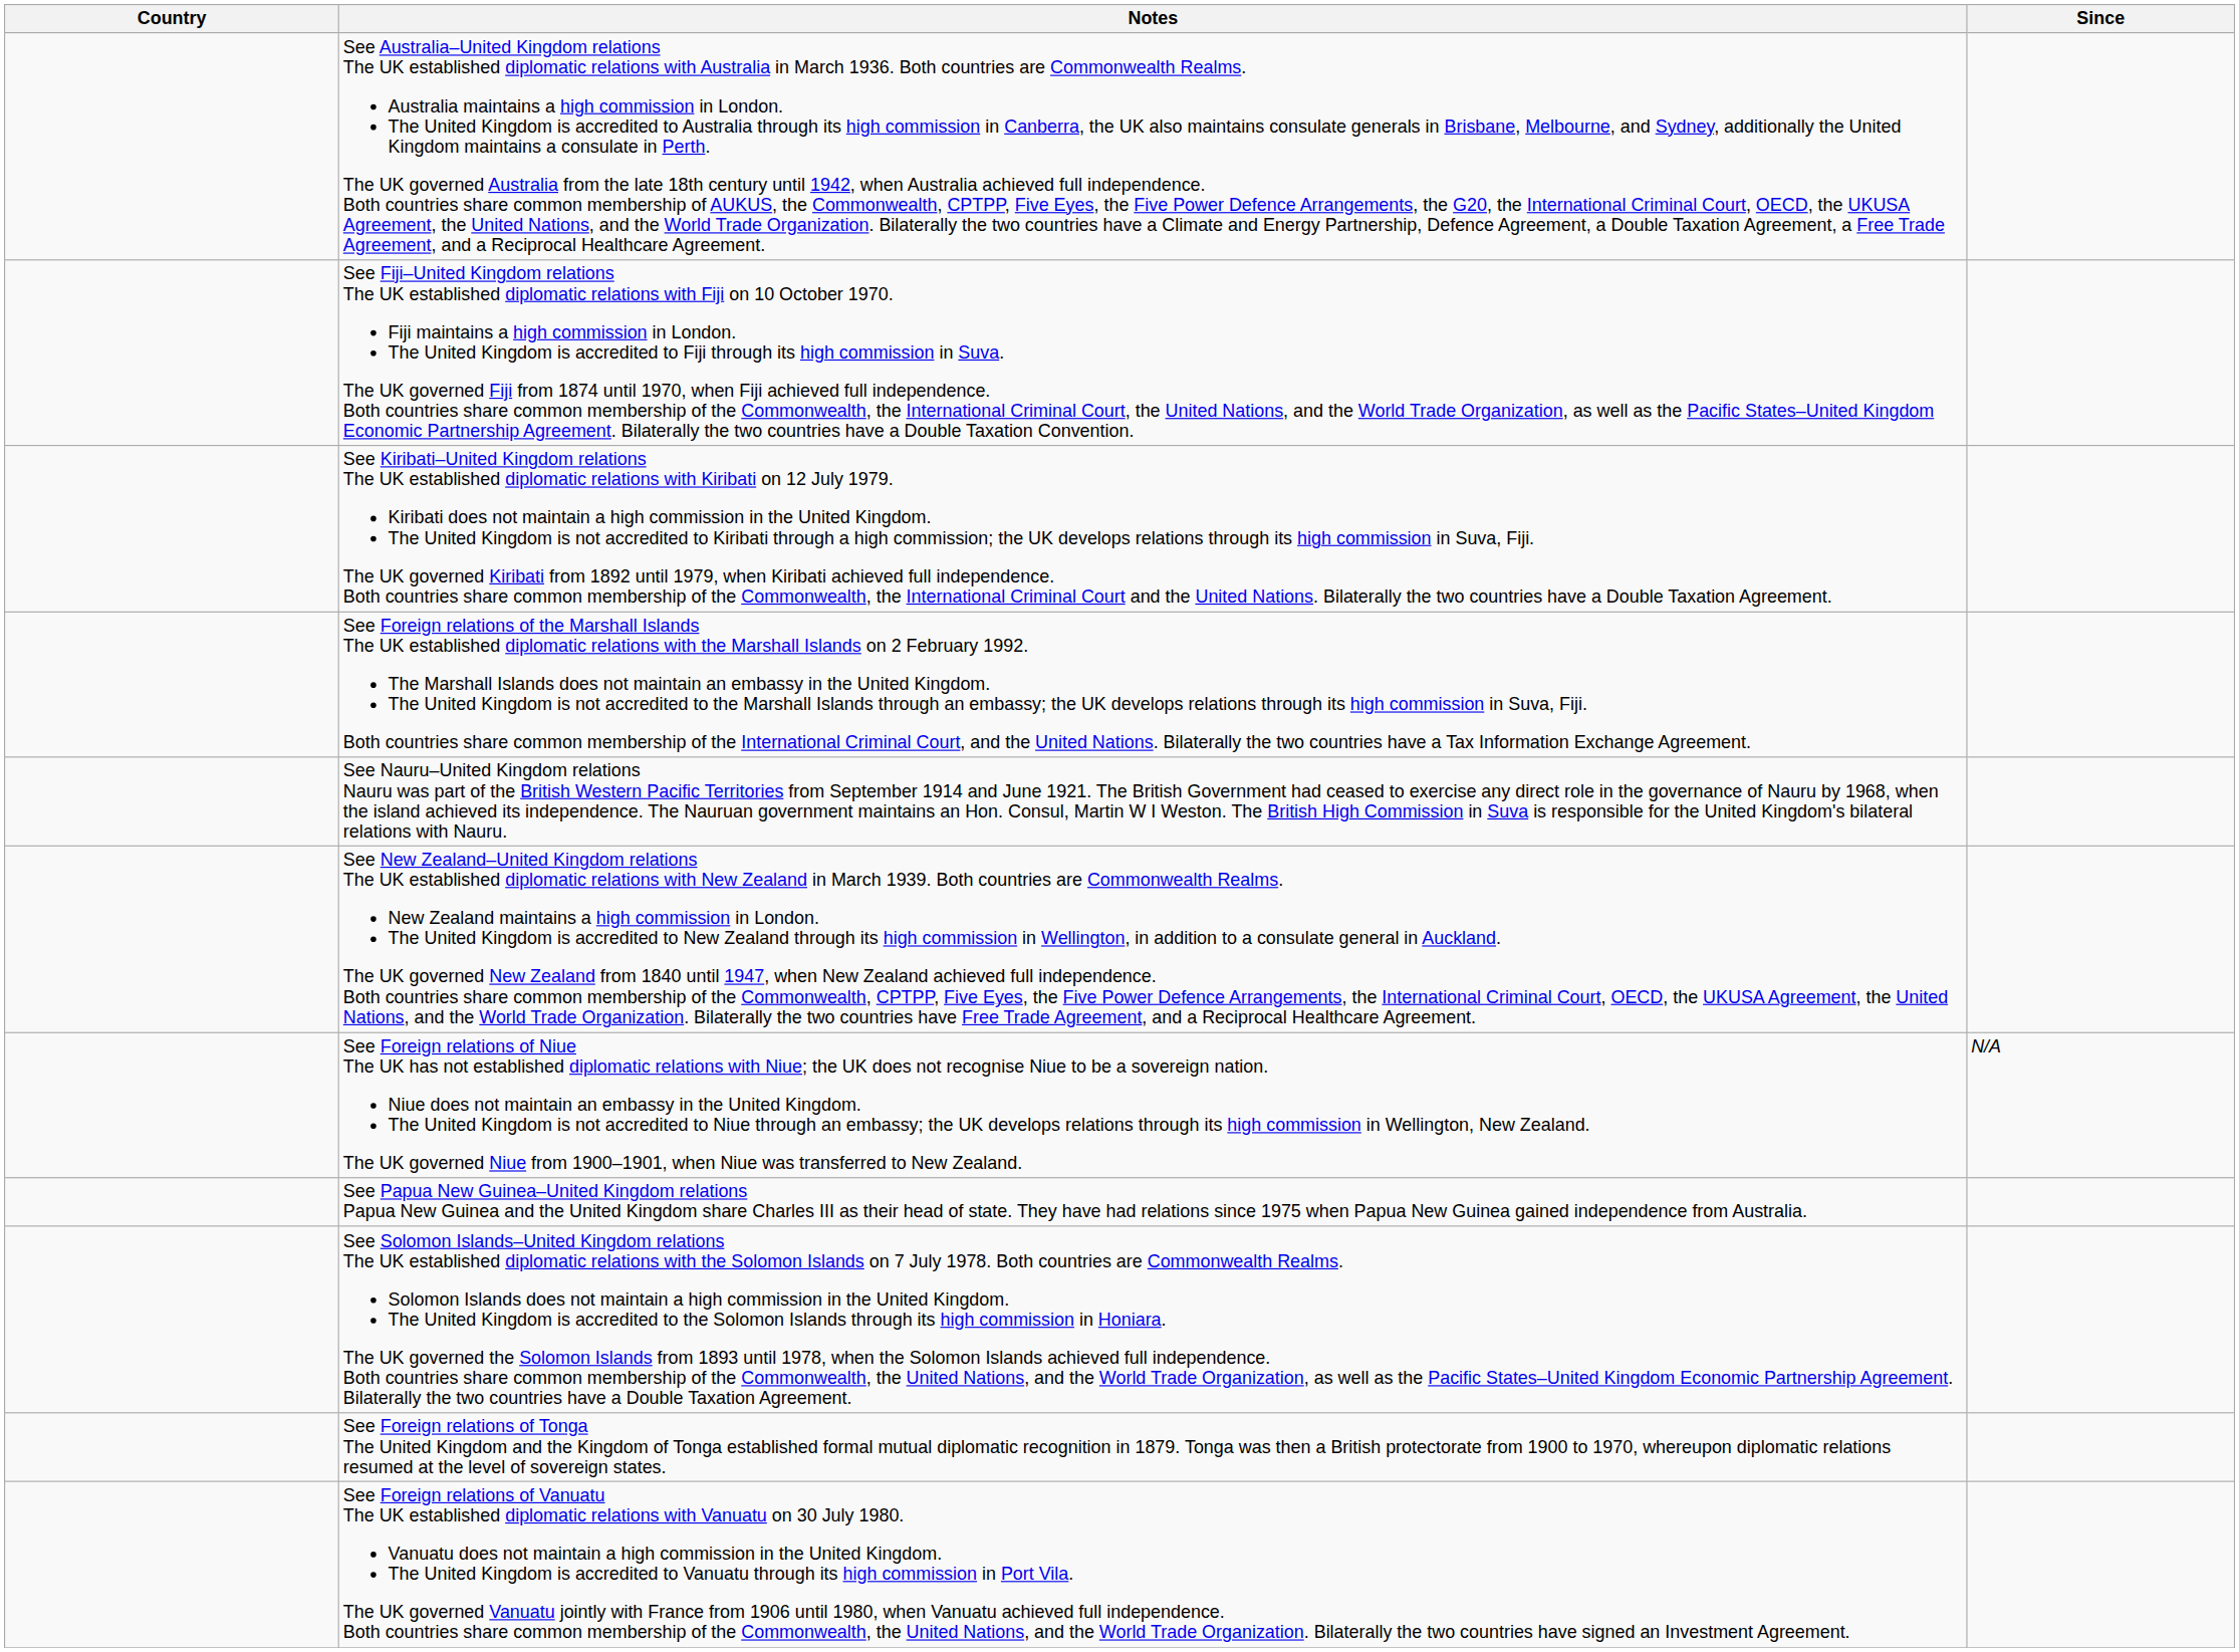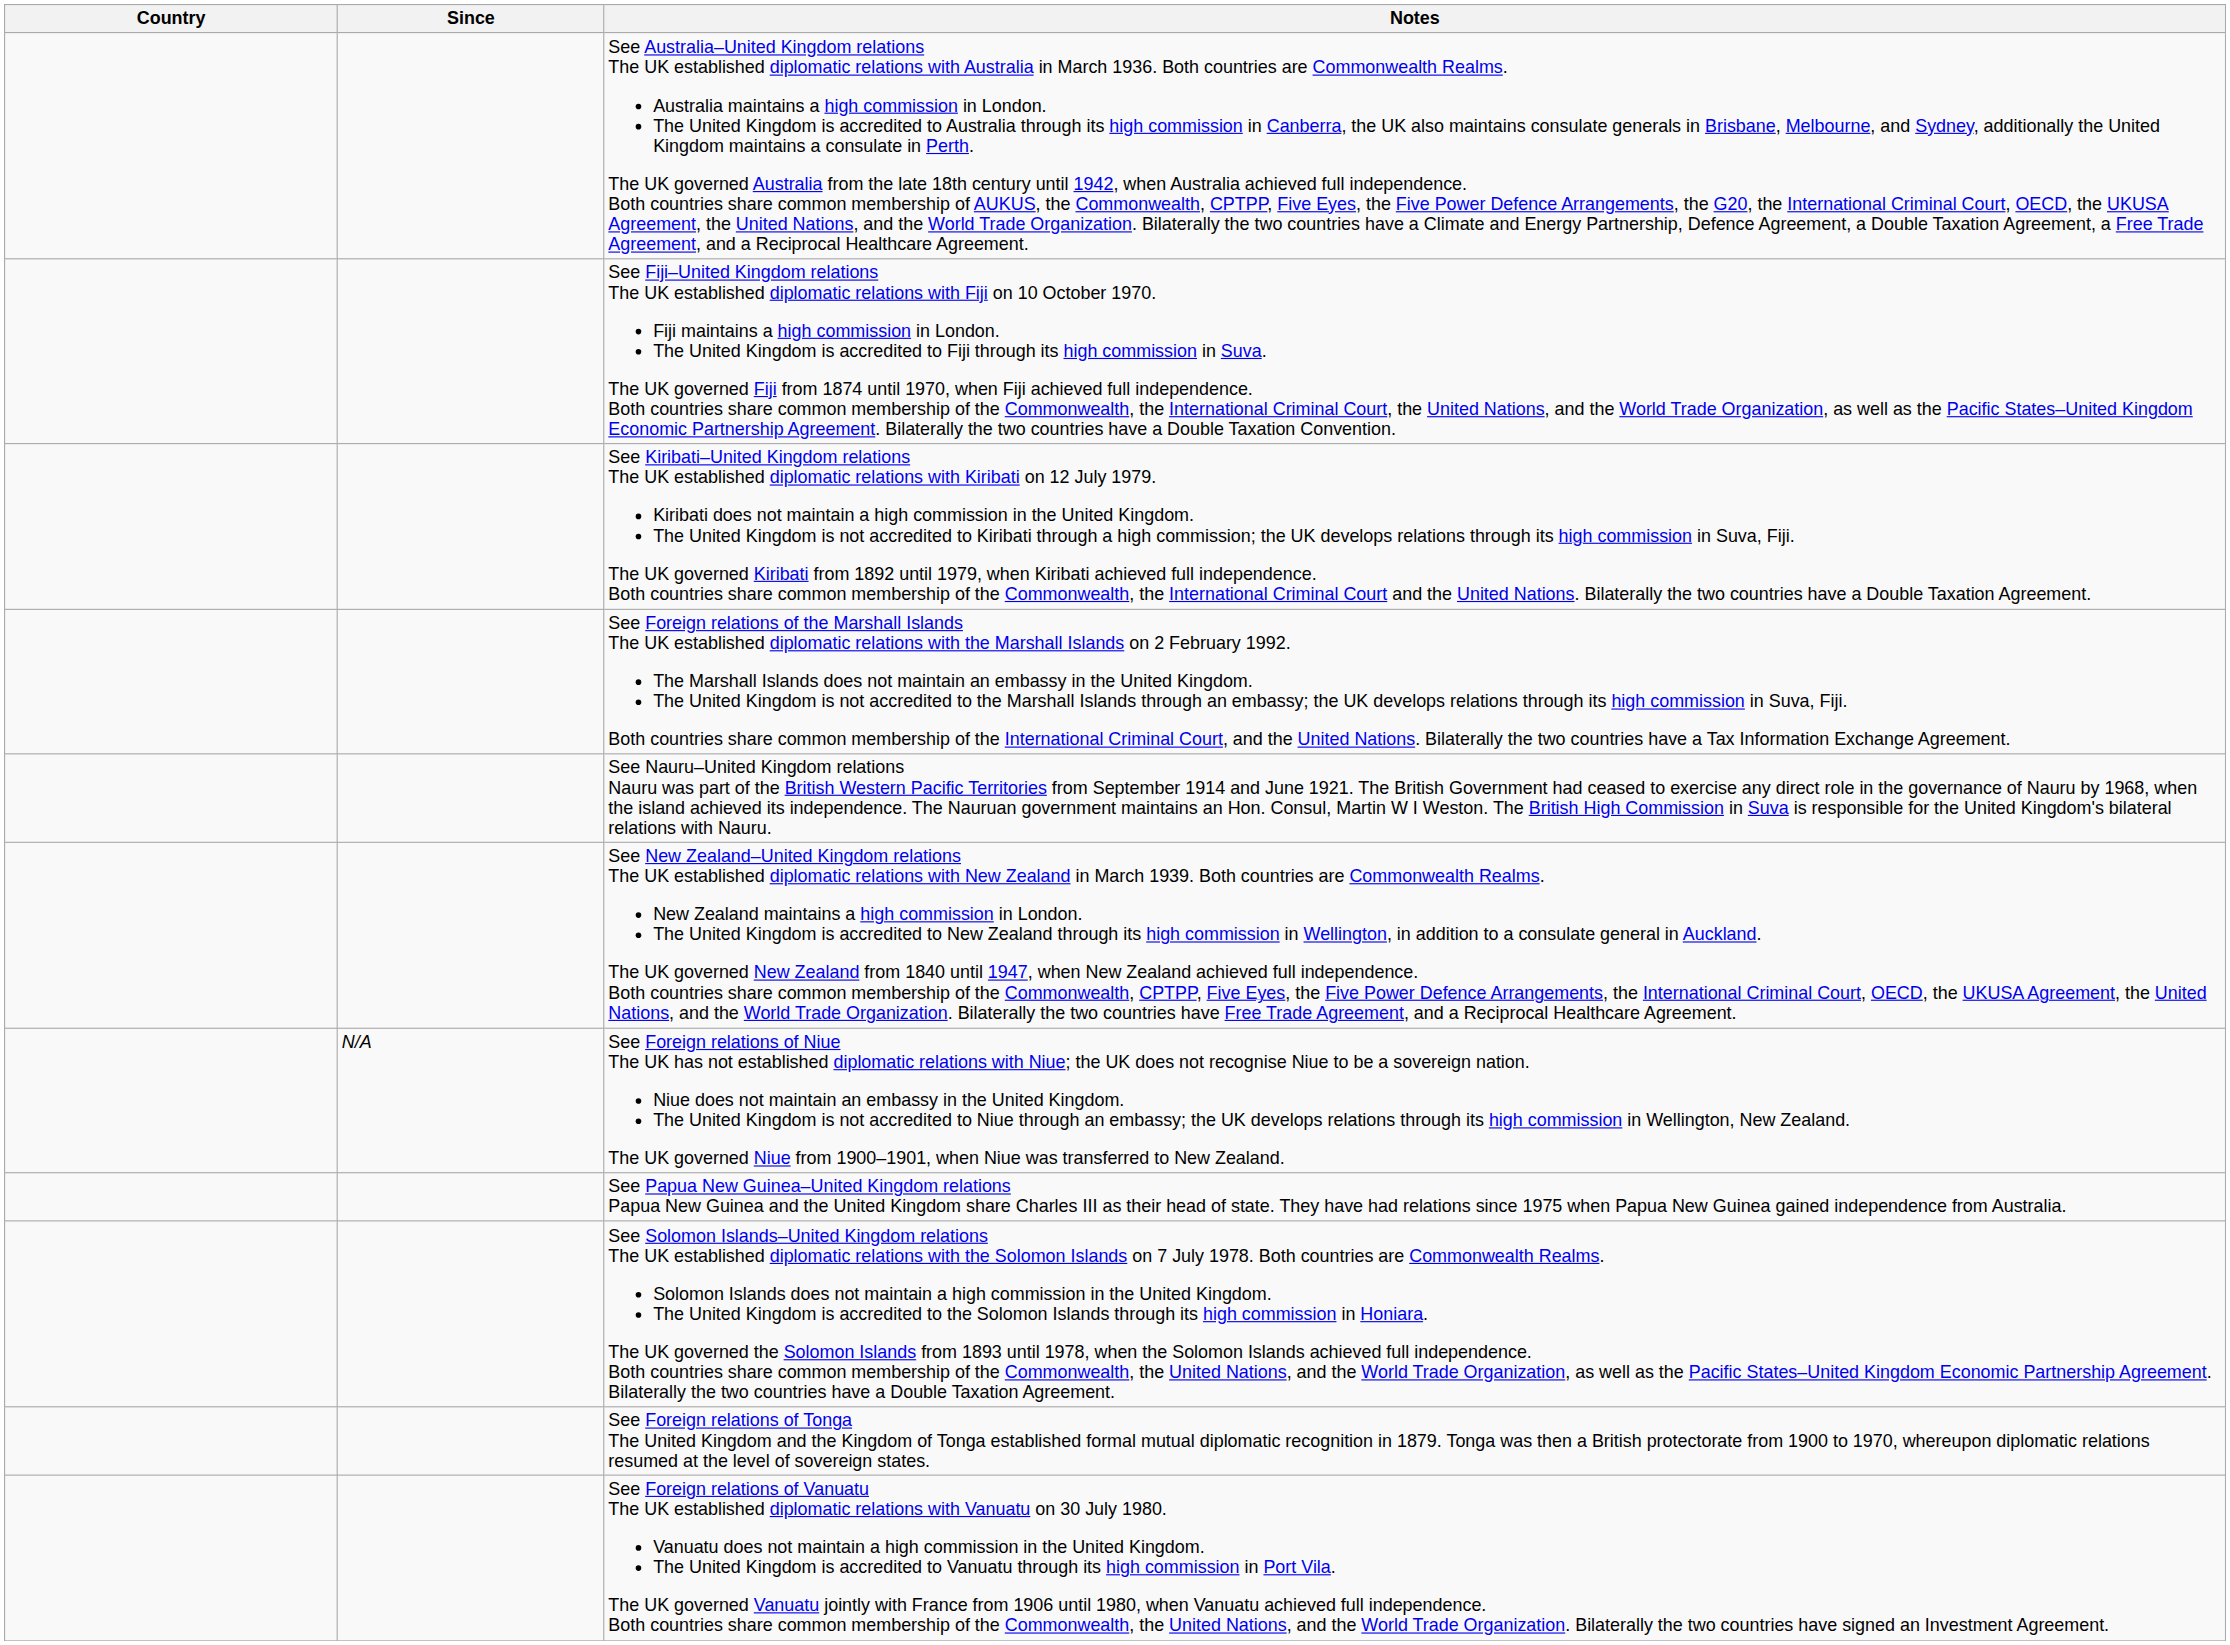 <table class="wikitable sortable" style="width:100%; margin:auto;">
 <tr>
 <th style="width:15%;">Country</th>
+<th style="width:12%;">Since</th>
 <th>Notes</th>
-<th style="width:12%;">Since</th>
 </tr>
 <tr valign="top">
 <td></td>
+<td></td>
 <td>See <a href='#'>Australia–United Kingdom relations</a><br> The UK established <a href='#'>diplomatic relations with Australia</a> in March 1936. Both countries are <a href='#'>Commonwealth Realms</a>.<ul><li>Australia maintains a <a href='#'>high commission</a> in London.</li><li>The United Kingdom is accredited to Australia through its <a href='#'>high commission</a> in <a href='#'>Canberra</a>, the UK also maintains consulate generals in <a href='#'>Brisbane</a>, <a href='#'>Melbourne</a>, and <a href='#'>Sydney</a>, additionally the United Kingdom maintains a consulate in <a href='#'>Perth</a>.</li></ul>The UK governed <a href='#'>Australia</a> from the late 18th century until <a href='#'>1942</a>, when Australia achieved full independence.<br>Both countries share common membership of <a href='#'>AUKUS</a>, the <a href='#'>Commonwealth</a>, <a href='#'>CPTPP</a>, <a href='#'>Five Eyes</a>, the <a href='#'>Five Power Defence Arrangements</a>, the <a href='#'>G20</a>, the <a href='#'>International Criminal Court</a>, <a href='#'>OECD</a>, the <a href='#'>UKUSA Agreement</a>, the <a href='#'>United Nations</a>, and the <a href='#'>World Trade Organization</a>. Bilaterally the two countries have a Climate and Energy Partnership, Defence Agreement, a Double Taxation Agreement, a <a href='#'>Free Trade Agreement</a>, and a Reciprocal Healthcare Agreement.</td>
-<td></td>
 </tr>
 <tr valign="top">
 <td></td>
+<td></td>
 <td>See <a href='#'>Fiji–United Kingdom relations</a><br> The UK established <a href='#'>diplomatic relations with Fiji</a> on 10 October 1970.<ul><li>Fiji maintains a <a href='#'>high commission</a> in London.</li><li>The United Kingdom is accredited to Fiji through its <a href='#'>high commission</a> in <a href='#'>Suva</a>.</li></ul>The UK governed <a href='#'>Fiji</a> from 1874 until 1970, when Fiji achieved full independence.<br>Both countries share common membership of the <a href='#'>Commonwealth</a>, the <a href='#'>International Criminal Court</a>, the <a href='#'>United Nations</a>, and the <a href='#'>World Trade Organization</a>, as well as the <a href='#'>Pacific States–United Kingdom Economic Partnership Agreement</a>. Bilaterally the two countries have a Double Taxation Convention.</td>
-<td></td>
 </tr>
 <tr valign="top">
 <td></td>
+<td></td>
 <td>See <a href='#'>Kiribati–United Kingdom relations</a><br>The UK established <a href='#'>diplomatic relations with Kiribati</a> on 12 July 1979.<ul><li>Kiribati does not maintain a high commission in the United Kingdom.</li><li>The United Kingdom is not accredited to Kiribati through a high commission; the UK develops relations through its <a href='#'>high commission</a> in Suva, Fiji.</li></ul>The UK governed <a href='#'>Kiribati</a> from 1892 until 1979, when Kiribati achieved full independence.<br>Both countries share common membership of the <a href='#'>Commonwealth</a>, the <a href='#'>International Criminal Court</a> and the <a href='#'>United Nations</a>. Bilaterally the two countries have a Double Taxation Agreement.</td>
-<td></td>
 </tr>
 <tr valign="top">
 <td></td>
+<td></td>
 <td>See <a href='#'>Foreign relations of the Marshall Islands</a><br>The UK established <a href='#'>diplomatic relations with the Marshall Islands</a> on 2 February 1992.<ul><li>The Marshall Islands does not maintain an embassy in the United Kingdom.</li><li>The United Kingdom is not accredited to the Marshall Islands through an embassy; the UK develops relations through its <a href='#'>high commission</a> in Suva, Fiji.</li></ul>Both countries share common membership of the <a href='#'>International Criminal Court</a>, and the <a href='#'>United Nations</a>. Bilaterally the two countries have a Tax Information Exchange Agreement.</td>
-<td></td>
 </tr>
 <tr valign="top">
 <td></td>
+<td></td>
 <td>See Nauru–United Kingdom relations<br>Nauru was part of the <a href='#'>British Western Pacific Territories</a> from September 1914 and June 1921. The British Government had ceased to exercise any direct role in the governance of Nauru by 1968, when the island achieved its independence. The Nauruan government maintains an Hon. Consul, Martin W I Weston. The <a href='#'>British High Commission</a> in <a href='#'>Suva</a> is responsible for the United Kingdom's bilateral relations with Nauru.</td>
-<td></td>
 </tr>
 <tr valign="top">
 <td></td>
+<td></td>
 <td>See <a href='#'>New Zealand–United Kingdom relations</a><br> The UK established <a href='#'>diplomatic relations with New Zealand</a> in March 1939. Both countries are <a href='#'>Commonwealth Realms</a>.<ul><li>New Zealand maintains a <a href='#'>high commission</a> in London.</li><li>The United Kingdom is accredited to New Zealand through its <a href='#'>high commission</a> in <a href='#'>Wellington</a>, in addition to a consulate general in <a href='#'>Auckland</a>.</li></ul>The UK governed <a href='#'>New Zealand</a> from 1840 until <a href='#'>1947</a>, when New Zealand achieved full independence.<br>Both countries share common membership of the <a href='#'>Commonwealth</a>, <a href='#'>CPTPP</a>, <a href='#'>Five Eyes</a>, the <a href='#'>Five Power Defence Arrangements</a>, the <a href='#'>International Criminal Court</a>, <a href='#'>OECD</a>, the <a href='#'>UKUSA Agreement</a>, the <a href='#'>United Nations</a>, and the <a href='#'>World Trade Organization</a>. Bilaterally the two countries have <a href='#'>Free Trade Agreement</a>, and a Reciprocal Healthcare Agreement.</td>
-<td></td>
 </tr>
 <tr valign="top">
 <td></td>
+<td><em>N/A</em></td>
 <td>See <a href='#'>Foreign relations of Niue</a><br>The UK has not established <a href='#'>diplomatic relations with Niue</a>; the UK does not recognise Niue to be a sovereign nation.<ul><li>Niue does not maintain an embassy in the United Kingdom.</li><li>The United Kingdom is not accredited to Niue through an embassy; the UK develops relations through its <a href='#'>high commission</a> in Wellington, New Zealand.</li></ul>The UK governed <a href='#'>Niue</a> from 1900–1901, when Niue was transferred to New Zealand.</td>
-<td><em>N/A</em></td>
 </tr>
 <tr valign="top">
 <td></td>
+<td></td>
 <td>See <a href='#'>Papua New Guinea–United Kingdom relations</a><br> Papua New Guinea and the United Kingdom share Charles III as their head of state. They have had relations since 1975 when Papua New Guinea gained independence from Australia.</td>
-<td></td>
 </tr>
 <tr valign="top">
 <td></td>
+<td></td>
 <td>See <a href='#'>Solomon Islands–United Kingdom relations</a><br>The UK established <a href='#'>diplomatic relations with the Solomon Islands</a> on 7 July 1978. Both countries are <a href='#'>Commonwealth Realms</a>.<ul><li>Solomon Islands does not maintain a high commission in the United Kingdom.</li><li>The United Kingdom is accredited to the Solomon Islands through its <a href='#'>high commission</a> in <a href='#'>Honiara</a>.</li></ul>The UK governed the <a href='#'>Solomon Islands</a> from 1893 until 1978, when the Solomon Islands achieved full independence.<br>Both countries share common membership of the <a href='#'>Commonwealth</a>, the <a href='#'>United Nations</a>,  and the <a href='#'>World Trade Organization</a>, as well as the <a href='#'>Pacific States–United Kingdom Economic Partnership Agreement</a>. Bilaterally the two countries have a Double Taxation Agreement.</td>
-<td></td>
 </tr>
 <tr valign="top">
 <td></td>
+<td></td>
 <td>See <a href='#'>Foreign relations of Tonga</a><br>The United Kingdom and the Kingdom of Tonga established formal mutual diplomatic recognition in 1879. Tonga was then a British protectorate from 1900 to 1970, whereupon diplomatic relations resumed at the level of sovereign states.<br></td>
-<td></td>
 </tr>
 <tr valign="top">
 <td></td>
+<td></td>
 <td>See <a href='#'>Foreign relations of Vanuatu</a><br>The UK established <a href='#'>diplomatic relations with Vanuatu</a> on 30 July 1980.<ul><li>Vanuatu does not maintain a high commission in the United Kingdom.</li><li>The United Kingdom is accredited to Vanuatu through its <a href='#'>high commission</a> in <a href='#'>Port Vila</a>.</li></ul>The UK governed <a href='#'>Vanuatu</a> jointly with France from 1906 until 1980, when Vanuatu achieved full independence.<br>Both countries share common membership of the <a href='#'>Commonwealth</a>, the <a href='#'>United Nations</a>,  and the <a href='#'>World Trade Organization</a>. Bilaterally the two countries have signed an Investment Agreement.</td>
-<td></td>
 </tr>
 </table>
